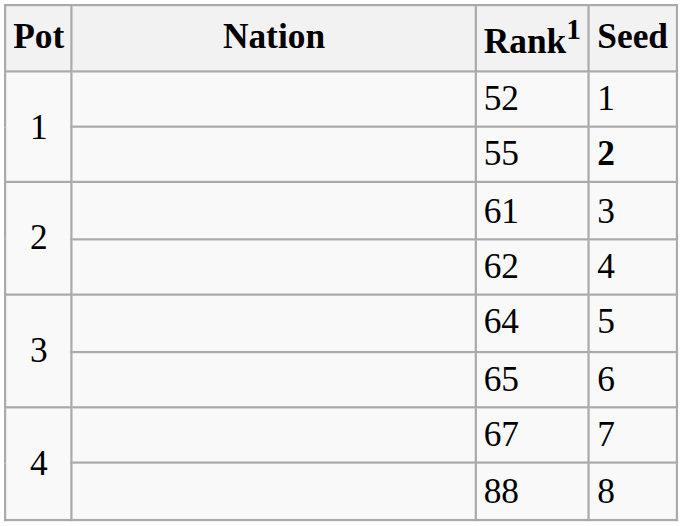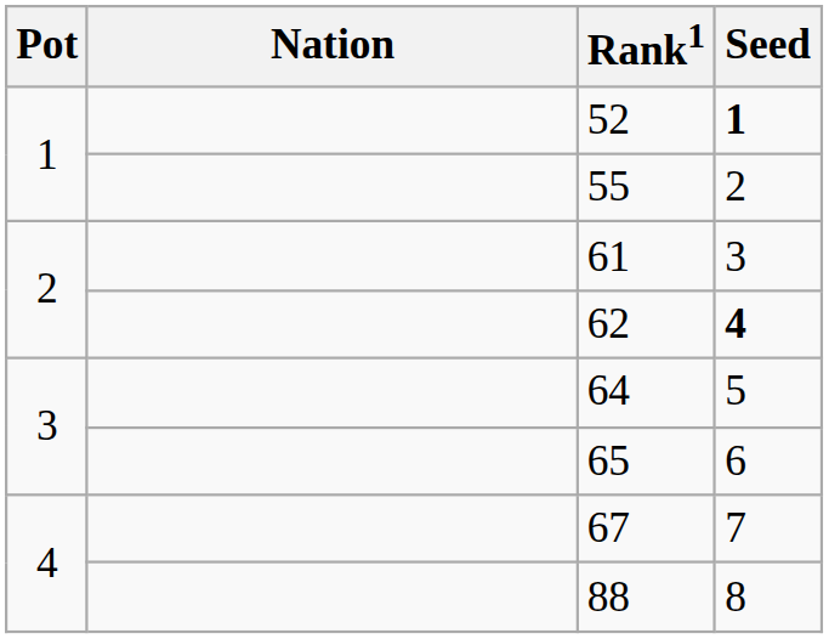 <table class="wikitable">
 <tr>
 <th>Pot</th>
 <th width="175">Nation</th>
 <th>Rank<sup>1</sup></th>
 <th>Seed</th>
 </tr>
 <tr>
 <td rowspan=2 style="text-align:center;">1</td>
 <td></td>
 <td>52</td>
-<td>1</td>
+<td><strong>1</strong></td>
 </tr>
 <tr>
 <td></td>
 <td>55</td>
-<td><strong>2</strong></td>
+<td>2</td>
 </tr>
 <tr>
 <td rowspan=2 style="text-align:center;">2</td>
 <td></td>
 <td>61</td>
 <td>3</td>
 </tr>
 <tr>
 <td></td>
 <td>62</td>
-<td>4</td>
+<td><strong>4</strong></td>
 </tr>
 <tr>
 <td rowspan=2 style="text-align:center;">3</td>
 <td></td>
 <td>64</td>
 <td>5</td>
 </tr>
 <tr>
 <td></td>
 <td>65</td>
 <td>6</td>
 </tr>
 <tr>
 <td rowspan=2 style="text-align:center;">4</td>
 <td></td>
 <td>67</td>
 <td>7</td>
 </tr>
 <tr>
 <td></td>
 <td>88</td>
 <td>8</td>
 </tr>
 </table>
